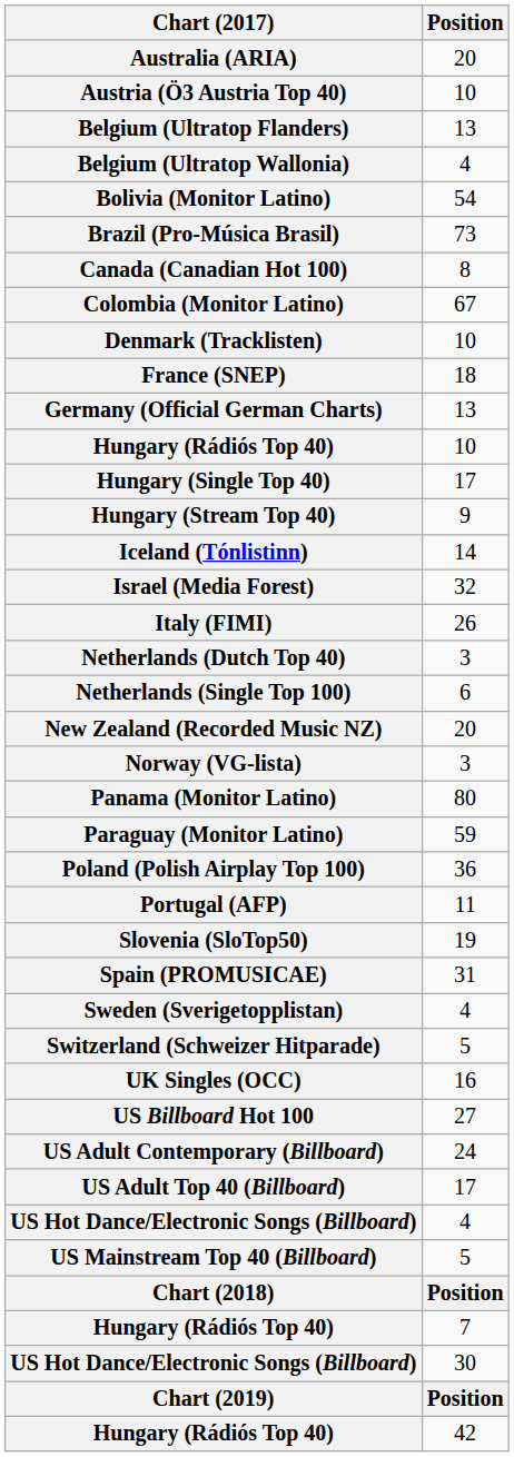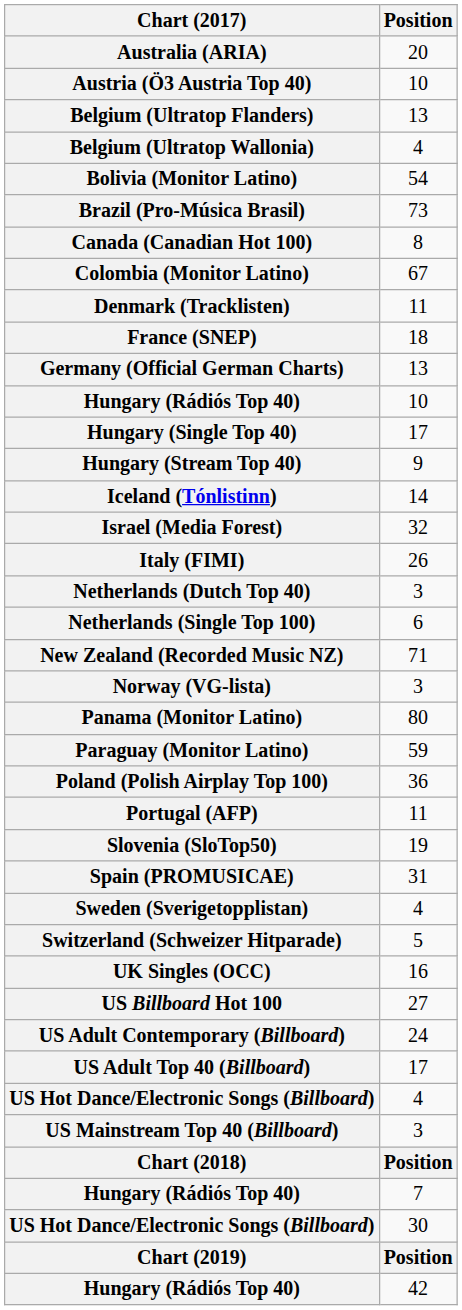 <table class="wikitable sortable plainrowheaders" style="text-align:center">
 <tr>
 <th scope="col">Chart (2017)</th>
 <th scope="col">Position</th>
 </tr>
 <tr>
 <th scope="row">Australia (ARIA)</th>
 <td>20</td>
 </tr>
 <tr>
 <th scope="row">Austria (Ö3 Austria Top 40)</th>
 <td>10</td>
 </tr>
 <tr>
 <th scope="row">Belgium (Ultratop Flanders)</th>
 <td>13</td>
 </tr>
 <tr>
 <th scope="row">Belgium (Ultratop Wallonia)</th>
 <td>4</td>
 </tr>
 <tr>
 <th scope="row">Bolivia (Monitor Latino)</th>
 <td>54</td>
 </tr>
 <tr>
 <th scope="row">Brazil (Pro-Música Brasil)</th>
 <td>73</td>
 </tr>
 <tr>
 <th scope="row">Canada (Canadian Hot 100)</th>
 <td>8</td>
 </tr>
 <tr>
 <th scope="row">Colombia (Monitor Latino)</th>
 <td>67</td>
 </tr>
 <tr>
 <th scope="row">Denmark (Tracklisten)</th>
-<td>10</td>
+<td>11</td>
 </tr>
 <tr>
 <th scope="row">France (SNEP)</th>
 <td>18</td>
 </tr>
 <tr>
 <th scope="row">Germany (Official German Charts)</th>
 <td>13</td>
 </tr>
 <tr>
 <th scope="row">Hungary (Rádiós Top 40)</th>
 <td>10</td>
 </tr>
 <tr>
 <th scope="row">Hungary (Single Top 40)</th>
 <td>17</td>
 </tr>
 <tr>
 <th scope="row">Hungary (Stream Top 40)</th>
 <td>9</td>
 </tr>
 <tr>
 <th scope="row">Iceland (<a href='#'>Tónlistinn</a>)</th>
 <td>14</td>
 </tr>
 <tr>
 <th scope="row">Israel (Media Forest)</th>
 <td>32</td>
 </tr>
 <tr>
 <th scope="row">Italy (FIMI)</th>
 <td>26</td>
 </tr>
 <tr>
 <th scope="row">Netherlands (Dutch Top 40)</th>
 <td>3</td>
 </tr>
 <tr>
 <th scope="row">Netherlands (Single Top 100)</th>
 <td>6</td>
 </tr>
 <tr>
 <th scope="row">New Zealand (Recorded Music NZ)</th>
-<td>20</td>
+<td>71</td>
 </tr>
 <tr>
 <th scope="row">Norway (VG-lista)</th>
 <td>3</td>
 </tr>
 <tr>
 <th scope="row">Panama (Monitor Latino)</th>
 <td>80</td>
 </tr>
 <tr>
 <th scope="row">Paraguay (Monitor Latino)</th>
 <td>59</td>
 </tr>
 <tr>
 <th scope="row">Poland (Polish Airplay Top 100)</th>
 <td>36</td>
 </tr>
 <tr>
 <th scope="row">Portugal (AFP)</th>
 <td>11</td>
 </tr>
 <tr>
 <th scope="row">Slovenia (SloTop50)</th>
 <td>19</td>
 </tr>
 <tr>
 <th scope="row">Spain (PROMUSICAE)</th>
 <td>31</td>
 </tr>
 <tr>
 <th scope="row">Sweden (Sverigetopplistan)</th>
 <td>4</td>
 </tr>
 <tr>
 <th scope="row">Switzerland (Schweizer Hitparade)</th>
 <td>5</td>
 </tr>
 <tr>
 <th scope="row">UK Singles (OCC)</th>
 <td>16</td>
 </tr>
 <tr>
 <th scope="row">US <em>Billboard</em> Hot 100</th>
 <td>27</td>
 </tr>
 <tr>
 <th scope="row">US Adult Contemporary (<em>Billboard</em>)</th>
 <td>24</td>
 </tr>
 <tr>
 <th scope="row">US Adult Top 40 (<em>Billboard</em>)</th>
 <td>17</td>
 </tr>
 <tr>
 <th scope="row">US Hot Dance/Electronic Songs (<em>Billboard</em>)</th>
 <td>4</td>
 </tr>
 <tr>
 <th scope="row">US Mainstream Top 40 (<em>Billboard</em>)</th>
-<td>5</td>
+<td>3</td>
 </tr>
 <tr>
 <th scope="col">Chart (2018)</th>
 <th scope="col">Position</th>
 </tr>
 <tr>
 <th scope="row">Hungary (Rádiós Top 40)</th>
 <td>7</td>
 </tr>
 <tr>
 <th scope="row">US Hot Dance/Electronic Songs (<em>Billboard</em>)</th>
 <td>30</td>
 </tr>
 <tr>
 <th scope="col">Chart (2019)</th>
 <th scope="col">Position</th>
 </tr>
 <tr>
 <th scope="row">Hungary (Rádiós Top 40)</th>
 <td>42</td>
 </tr>
 </table>
